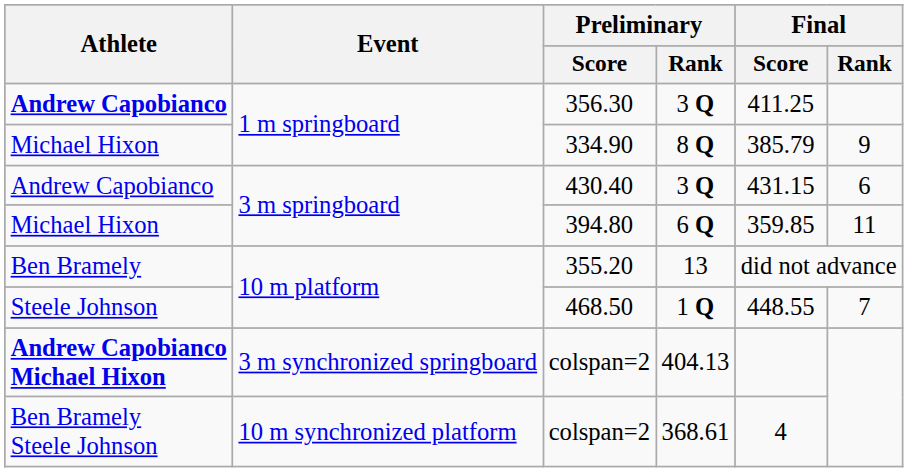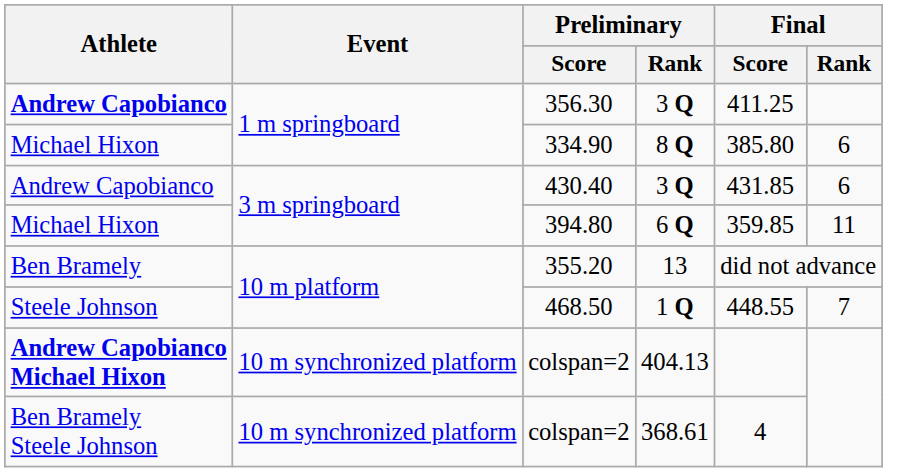 <table class=wikitable style=font-size:90%;text-align:center>
 <tr>
 <th rowspan=2>Athlete</th>
 <th rowspan=2>Event</th>
 <th colspan=2>Preliminary</th>
 <th colspan=2>Final</th>
 </tr>
 <tr style=font-size:95%>
 <th>Score</th>
 <th>Rank</th>
 <th>Score</th>
 <th>Rank</th>
 </tr>
 <tr>
 <td align=left><strong><a href='#'>Andrew Capobianco</a></strong></td>
 <td align=left rowspan=2><a href='#'>1 m springboard</a></td>
 <td>356.30</td>
 <td>3 <strong>Q</strong></td>
 <td>411.25</td>
 <td></td>
 </tr>
 <tr>
 <td align=left><a href='#'>Michael Hixon</a></td>
 <td>334.90</td>
 <td>8 <strong>Q</strong></td>
-<td>385.79</td>
-<td>9</td>
+<td>385.80</td>
+<td>6</td>
 </tr>
 <tr>
 <td align=left><a href='#'>Andrew Capobianco</a></td>
 <td align=left rowspan=2><a href='#'>3 m springboard</a></td>
 <td>430.40</td>
 <td>3 <strong>Q</strong></td>
-<td>431.15</td>
+<td>431.85</td>
 <td>6</td>
 </tr>
 <tr>
 <td align=left><a href='#'>Michael Hixon</a></td>
 <td>394.80</td>
 <td>6 <strong>Q</strong></td>
 <td>359.85</td>
 <td>11</td>
 </tr>
 <tr>
 <td align=left><a href='#'>Ben Bramely</a></td>
 <td align=left rowspan=2><a href='#'>10 m platform</a></td>
 <td>355.20</td>
 <td>13</td>
 <td colspan=2>did not advance</td>
 </tr>
 <tr>
 <td align=left><a href='#'>Steele Johnson</a></td>
 <td>468.50</td>
 <td>1 <strong>Q</strong></td>
 <td>448.55</td>
 <td>7</td>
 </tr>
 <tr>
 <td align=left><strong><a href='#'>Andrew Capobianco</a><br><a href='#'>Michael Hixon</a></strong></td>
-<td align=left><a href='#'>3 m synchronized springboard</a></td>
+<td align=left><a href='#'>10 m synchronized platform</a></td>
 <td>colspan=2 </td>
 <td>404.13</td>
 <td></td>
 </tr>
 <tr>
 <td align=left><a href='#'>Ben Bramely</a><br><a href='#'>Steele Johnson</a></td>
 <td align=left><a href='#'>10 m synchronized platform</a></td>
 <td>colspan=2 </td>
 <td>368.61</td>
 <td>4</td>
 </tr>
 </table>
